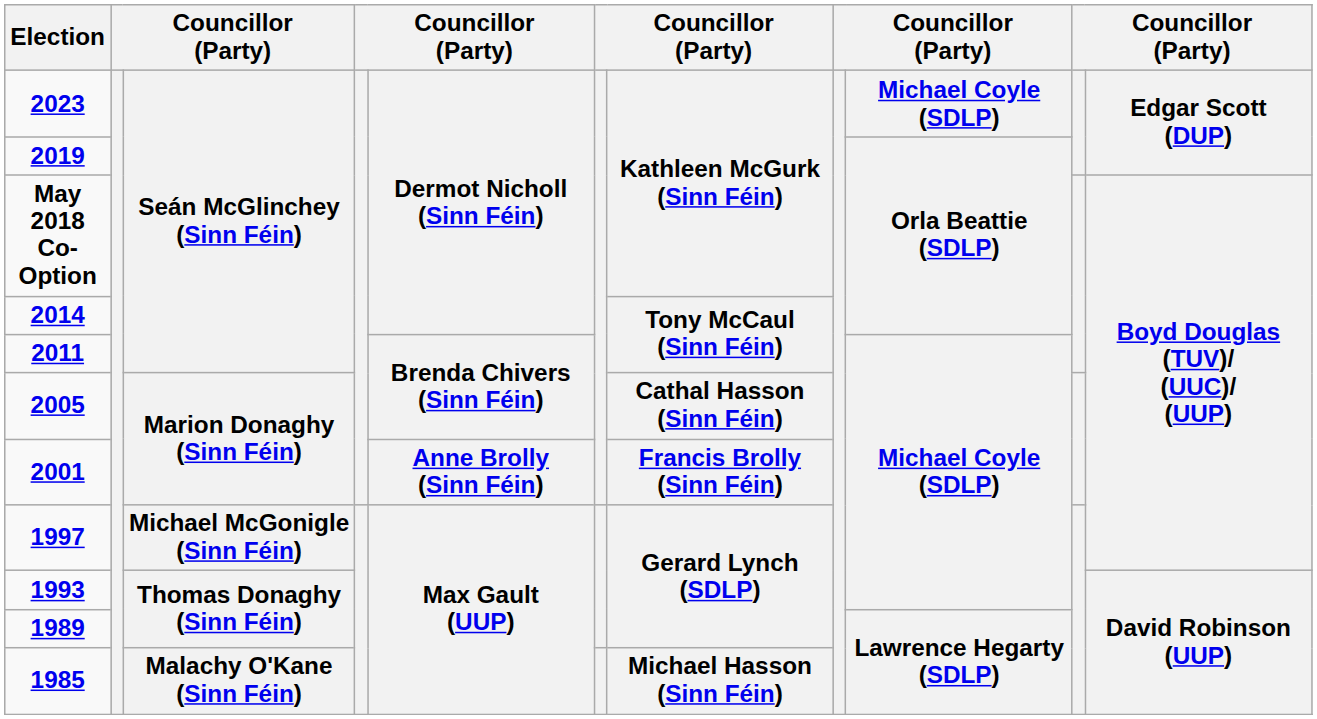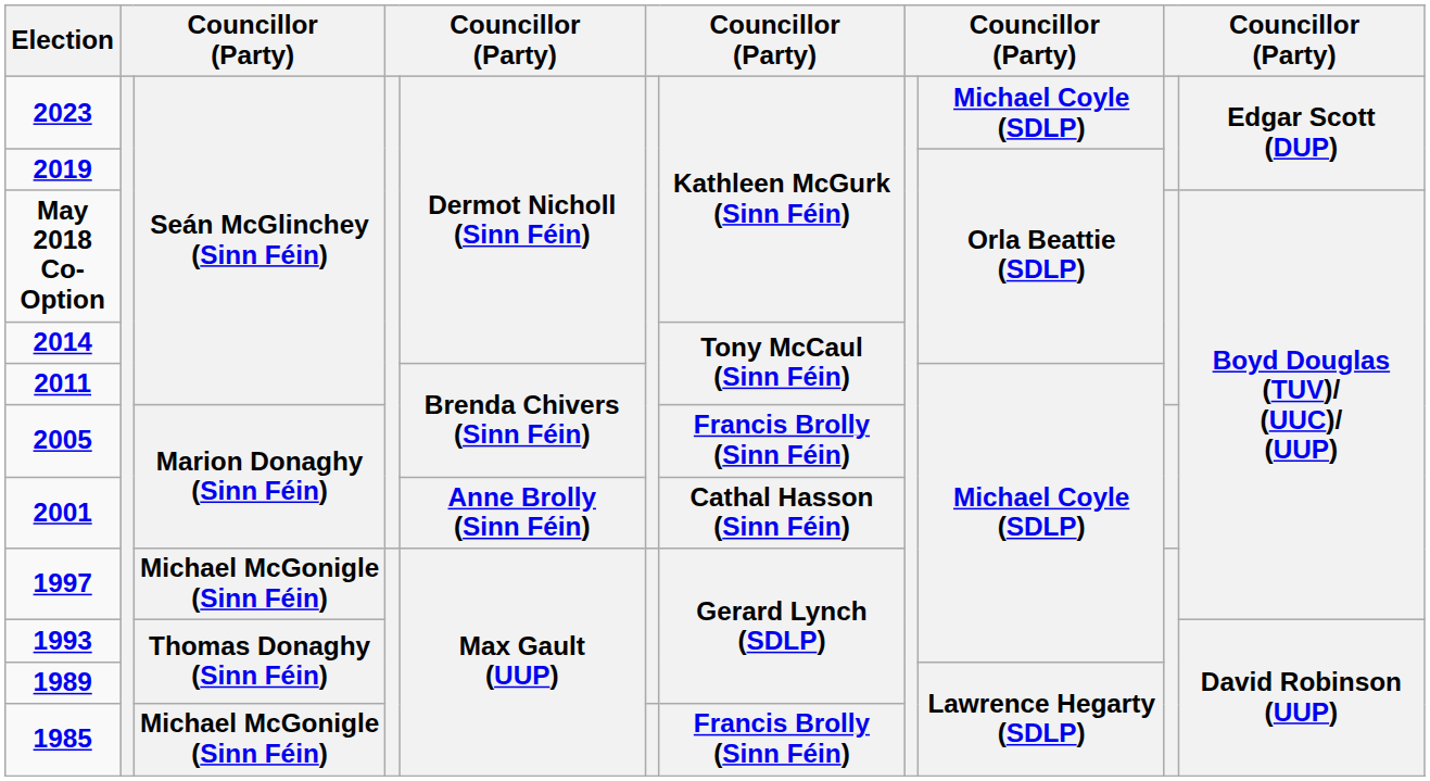 <table class="wikitable" style="text-align:center">
 <tr>
 <th scope="col" width="50">Election</th>
 <th scope="col" width="150" colspan = "2">Councillor<br> (Party)</th>
 <th scope="col" width="150" colspan = "2">Councillor<br> (Party)</th>
 <th scope="col" width="150" colspan = "2">Councillor<br> (Party)</th>
 <th scope="col" width="150" colspan = "2">Councillor<br> (Party)</th>
 <th scope="col" width="150" colspan = "2">Councillor<br> (Party)</th>
 </tr>
 <tr>
 <td><strong><a href='#'>2023</a></strong></td>
 <th rowspan="11" width="1" style="background-color: "></th>
 <th rowspan = "5">Seán McGlinchey <br> (<a href='#'>Sinn Féin</a>)</th>
 <th rowspan="7" width="1" style="background-color: "></th>
 <th rowspan = "4">Dermot Nicholl <br> (<a href='#'>Sinn Féin</a>)</th>
 <th rowspan="7" width="1" style="background-color: "></th>
 <th rowspan = "3">Kathleen McGurk <br> (<a href='#'>Sinn Féin</a>)</th>
 <th rowspan="11" width="1" style="background-color: "></th>
 <th rowspan = "1"><a href='#'>Michael Coyle</a> <br> (<a href='#'>SDLP</a>)</th>
 <th rowspan="2" width="1" style="background-color: "></th>
 <th rowspan = "2">Edgar Scott <br> (<a href='#'>DUP</a>)</th>
 </tr>
 <tr>
 <td><strong><a href='#'>2019</a></strong></td>
 <th rowspan = "3">Orla Beattie <br> (<a href='#'>SDLP</a>)</th>
 </tr>
 <tr>
 <td><strong>May 2018 Co-Option</strong></td>
 <th rowspan="3" width="1" style="background-color: "></th>
 <th rowspan = "6"><a href='#'>Boyd Douglas</a> <br> (<a href='#'>TUV</a>)/ <br> (<a href='#'>UUC</a>)/ <br> (<a href='#'>UUP</a>)</th>
 </tr>
 <tr>
 <td><strong><a href='#'>2014</a></strong></td>
 <th rowspan = "2">Tony McCaul <br> (<a href='#'>Sinn Féin</a>)</th>
 </tr>
 <tr>
 <td><strong><a href='#'>2011</a></strong></td>
 <th rowspan = "2">Brenda Chivers <br> (<a href='#'>Sinn Féin</a>)</th>
 <th rowspan = "5"><a href='#'>Michael Coyle</a> <br> (<a href='#'>SDLP</a>)</th>
 </tr>
 <tr>
 <td><strong><a href='#'>2005</a></strong></td>
 <th rowspan = "2">Marion Donaghy <br> (<a href='#'>Sinn Féin</a>)</th>
-<th rowspan = "1">Cathal Hasson <br> (<a href='#'>Sinn Féin</a>)</th>
+<th rowspan = "1"><a href='#'>Francis Brolly</a> <br> (<a href='#'>Sinn Féin</a>)</th>
 <th rowspan="2" width="1" style="background-color: "></th>
 </tr>
 <tr>
 <td><strong><a href='#'>2001</a></strong></td>
 <th rowspan = "1"><a href='#'>Anne Brolly</a> <br> (<a href='#'>Sinn Féin</a>)</th>
-<th rowspan = "1"><a href='#'>Francis Brolly</a> <br> (<a href='#'>Sinn Féin</a>)</th>
+<th rowspan = "1">Cathal Hasson <br> (<a href='#'>Sinn Féin</a>)</th>
 </tr>
 <tr>
 <td><strong><a href='#'>1997</a></strong></td>
 <th rowspan = "1">Michael McGonigle <br> (<a href='#'>Sinn Féin</a>)</th>
 <th rowspan="4" width="1" style="background-color: "></th>
 <th rowspan = "4">Max Gault <br> (<a href='#'>UUP</a>)</th>
 <th rowspan="3" width="1" style="background-color: "></th>
 <th rowspan = "3">Gerard Lynch <br> (<a href='#'>SDLP</a>)</th>
 <th rowspan="4" width="1" style="background-color: "></th>
 </tr>
 <tr>
 <td><strong><a href='#'>1993</a></strong></td>
 <th rowspan = "2">Thomas Donaghy <br> (<a href='#'>Sinn Féin</a>)</th>
 <th rowspan = "3">David Robinson <br> (<a href='#'>UUP</a>)</th>
 </tr>
 <tr>
 <td><strong><a href='#'>1989</a></strong></td>
 <th rowspan = "2">Lawrence Hegarty <br> (<a href='#'>SDLP</a>)</th>
 </tr>
 <tr>
 <td><strong><a href='#'>1985</a></strong></td>
-<th rowspan = "1">Malachy O'Kane <br> (<a href='#'>Sinn Féin</a>)</th>
+<th rowspan = "1">Michael McGonigle <br> (<a href='#'>Sinn Féin</a>)</th>
 <th rowspan="1" width="1" style="background-color: "></th>
-<th rowspan = "1">Michael Hasson <br> (<a href='#'>Sinn Féin</a>)</th>
+<th rowspan = "1"><a href='#'>Francis Brolly</a> <br> (<a href='#'>Sinn Féin</a>)</th>
 </tr>
 <tr>
 </tr>
 </table>
